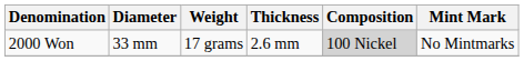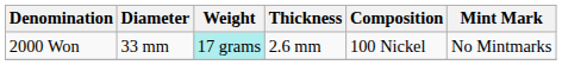 <table class="wikitable sortable">
 <tr>
 <th>Denomination</th>
 <th>Diameter</th>
 <th>Weight</th>
 <th>Thickness</th>
 <th>Composition</th>
 <th>Mint Mark</th>
 </tr>
 <tr>
 <td>2000 Won</td>
 <td>33 mm</td>
-<td>17 grams</td>
+<td style="background: paleturquoise;">17 grams</td>
 <td>2.6 mm</td>
-<td style="background: lightgrey;">100 Nickel</td>
+<td>100 Nickel</td>
 <td>No Mintmarks</td>
 </tr>
 <tr>
 </tr>
 </table>
